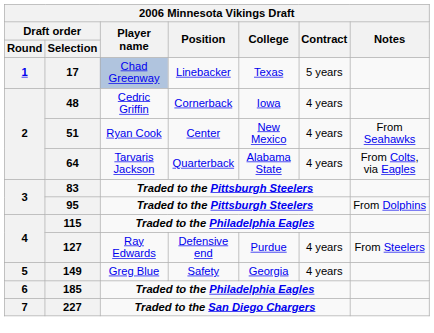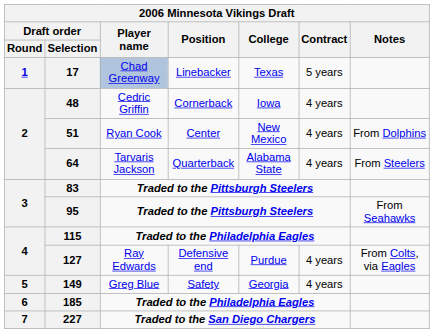 <table class="wikitable" style="text-align:center">
 <tr>
 <th colspan="7">2006 Minnesota Vikings Draft</th>
 </tr>
 <tr>
 <th colspan="2">Draft order</th>
 <th rowspan="2">Player name</th>
 <th rowspan="2">Position</th>
 <th rowspan="2">College</th>
 <th rowspan="2">Contract</th>
 <th rowspan="2">Notes</th>
 </tr>
 <tr>
 <th>Round</th>
 <th>Selection</th>
 </tr>
 <tr>
 <th><a href='#'>1</a></th>
 <th>17</th>
 <td bgcolor=lightsteelblue><a href='#'>Chad Greenway</a></td>
 <td><a href='#'>Linebacker</a></td>
 <td><a href='#'>Texas</a></td>
 <td>5 years</td>
 <td></td>
 </tr>
 <tr>
 <th rowspan="3">2</th>
 <th>48</th>
 <td><a href='#'>Cedric Griffin</a></td>
 <td><a href='#'>Cornerback</a></td>
 <td><a href='#'>Iowa</a></td>
 <td>4 years</td>
 <td></td>
 </tr>
 <tr>
 <th>51</th>
 <td><a href='#'>Ryan Cook</a></td>
 <td><a href='#'>Center</a></td>
 <td><a href='#'>New Mexico</a></td>
 <td>4 years</td>
-<td>From <a href='#'>Seahawks</a></td>
+<td>From <a href='#'>Dolphins</a></td>
 </tr>
 <tr>
 <th>64</th>
 <td><a href='#'>Tarvaris Jackson</a></td>
 <td><a href='#'>Quarterback</a></td>
 <td><a href='#'>Alabama State</a></td>
 <td>4 years</td>
-<td>From <a href='#'>Colts</a>, via <a href='#'>Eagles</a></td>
+<td>From <a href='#'>Steelers</a></td>
 </tr>
 <tr>
 <th rowspan="2">3</th>
 <th>83</th>
 <td colspan="4"><strong><em>Traded to the <a href='#'>Pittsburgh Steelers</a></em></strong></td>
 <td></td>
 </tr>
 <tr>
 <th>95</th>
 <td colspan="4"><strong><em>Traded to the <a href='#'>Pittsburgh Steelers</a></em></strong></td>
-<td>From <a href='#'>Dolphins</a></td>
+<td>From <a href='#'>Seahawks</a></td>
 </tr>
 <tr>
 <th rowspan="2">4</th>
 <th>115</th>
 <td colspan="4"><strong><em>Traded to the <a href='#'>Philadelphia Eagles</a></em></strong></td>
 <td></td>
 </tr>
 <tr>
 <th>127</th>
 <td><a href='#'>Ray Edwards</a></td>
 <td><a href='#'>Defensive end</a></td>
 <td><a href='#'>Purdue</a></td>
 <td>4 years</td>
-<td>From <a href='#'>Steelers</a></td>
+<td>From <a href='#'>Colts</a>, via <a href='#'>Eagles</a></td>
 </tr>
 <tr>
 <th>5</th>
 <th>149</th>
 <td><a href='#'>Greg Blue</a></td>
 <td><a href='#'>Safety</a></td>
 <td><a href='#'>Georgia</a></td>
 <td>4 years</td>
 <td></td>
 </tr>
 <tr>
 <th>6</th>
 <th>185</th>
 <td colspan="4"><strong><em>Traded to the <a href='#'>Philadelphia Eagles</a></em></strong></td>
 <td></td>
 </tr>
 <tr>
 <th>7</th>
 <th>227</th>
 <td colspan="4"><strong><em>Traded to the <a href='#'>San Diego Chargers</a></em></strong></td>
 <td></td>
 </tr>
 </table>
